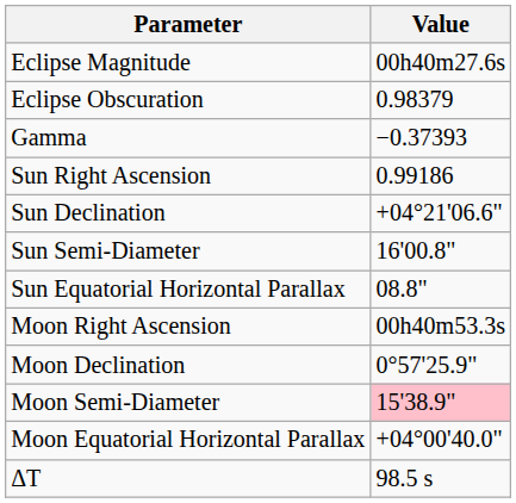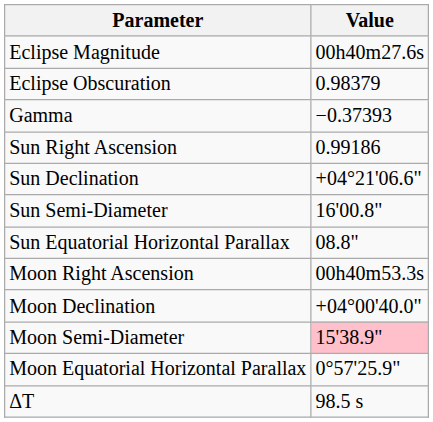 <table class="wikitable">
 <tr>
 <th>Parameter</th>
 <th>Value</th>
 </tr>
 <tr>
 <td>Eclipse Magnitude</td>
 <td>00h40m27.6s</td>
 </tr>
 <tr>
 <td>Eclipse Obscuration</td>
 <td>0.98379</td>
 </tr>
 <tr>
 <td>Gamma</td>
 <td>−0.37393</td>
 </tr>
 <tr>
 <td>Sun Right Ascension</td>
 <td>0.99186</td>
 </tr>
 <tr>
 <td>Sun Declination</td>
 <td>+04°21'06.6"</td>
 </tr>
 <tr>
 <td>Sun Semi-Diameter</td>
 <td>16'00.8"</td>
 </tr>
 <tr>
 <td>Sun Equatorial Horizontal Parallax</td>
 <td>08.8"</td>
 </tr>
 <tr>
 <td>Moon Right Ascension</td>
 <td>00h40m53.3s</td>
 </tr>
 <tr>
 <td>Moon Declination</td>
-<td>0°57'25.9"</td>
+<td>+04°00'40.0"</td>
 </tr>
 <tr>
 <td>Moon Semi-Diameter</td>
 <td style="background: pink;">15'38.9"</td>
 </tr>
 <tr>
 <td>Moon Equatorial Horizontal Parallax</td>
-<td>+04°00'40.0"</td>
+<td>0°57'25.9"</td>
 </tr>
 <tr>
 <td>ΔT</td>
 <td>98.5 s</td>
 </tr>
 </table>
